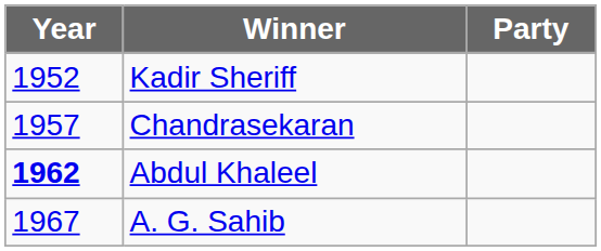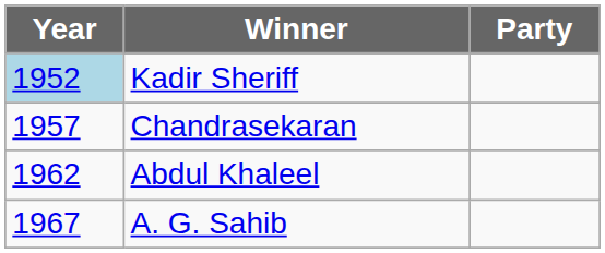 <table class="wikitable" width="50%">
 <tr>
 <th style="background-color:#666666; color:white">Year</th>
 <th style="background-color:#666666; color:white">Winner</th>
 <th style="background-color:#666666; color:white" colspan="2">Party</th>
 </tr>
 <tr>
-<td><a href='#'>1952</a></td>
+<td style="background: lightblue;"><a href='#'>1952</a></td>
 <td><a href='#'>Kadir Sheriff</a></td>
 <td></td>
 </tr>
 <tr>
 <td><a href='#'>1957</a></td>
 <td><a href='#'>Chandrasekaran</a></td>
 <td></td>
 </tr>
 <tr>
-<td><strong><a href='#'>1962</a></strong></td>
+<td><a href='#'>1962</a></td>
 <td><a href='#'>Abdul Khaleel</a></td>
 <td></td>
 </tr>
 <tr>
 <td><a href='#'>1967</a></td>
 <td><a href='#'>A. G. Sahib</a></td>
 <td></td>
 </tr>
 </table>
